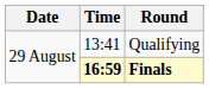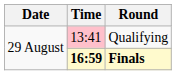 <table class="wikitable">
 <tr>
 <th>Date</th>
 <th>Time</th>
 <th>Round</th>
 </tr>
 <tr>
 <td rowspan=2>29 August</td>
-<td>13:41</td>
+<td style="background: pink;">13:41</td>
 <td>Qualifying</td>
 </tr>
 <tr style="background:lemonchiffon">
 <td><strong>16:59</strong></td>
 <td><strong>Finals</strong></td>
 </tr>
 </table>
